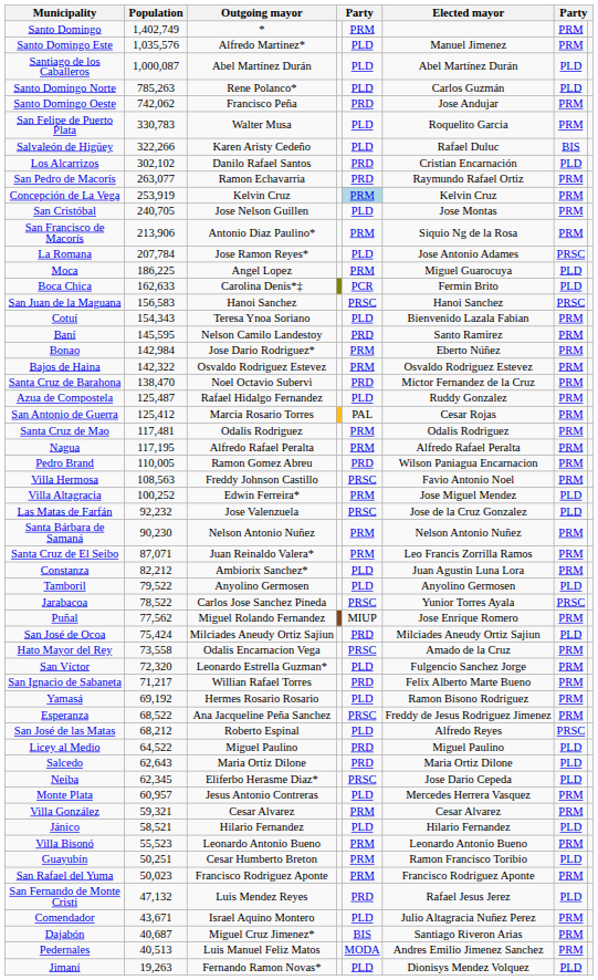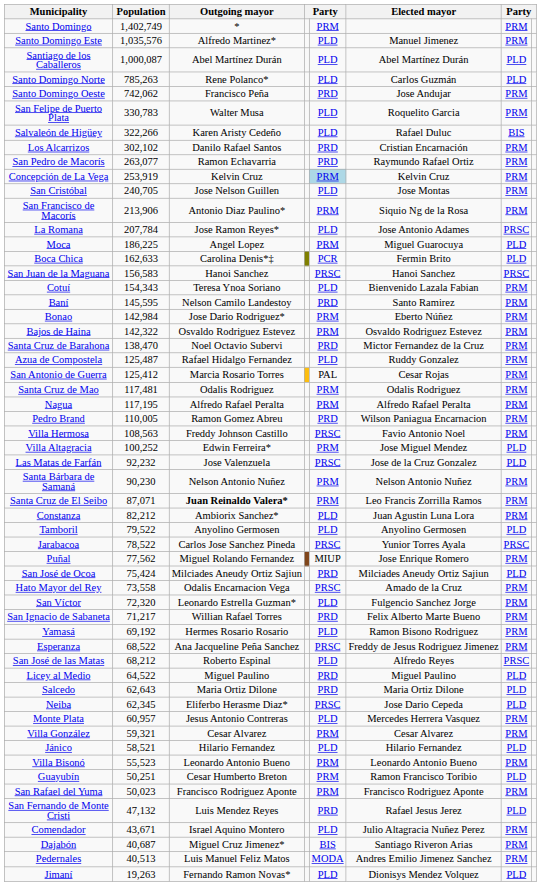 <table class="wikitable sortable" style="text-align:center;font-size:95%;line-height:14px;">
 <tr>
 <th style="width:150px;">Municipality</th>
 <th style="width:75px;">Population</th>
 <th>Outgoing mayor</th>
 <th colspan="2">Party</th>
 <th>Elected mayor</th>
 <th colspan="2">Party</th>
 </tr>
 <tr>
 <td><a href='#'>Santo Domingo</a></td>
 <td>1,402,749</td>
 <td>*</td>
 <td style="color:inherit;background:"></td>
 <td><a href='#'>PRM</a></td>
 <td></td>
 <td><a href='#'>PRM</a></td>
 <td style="color:inherit;background:"></td>
 </tr>
 <tr>
 <td><a href='#'>Santo Domingo Este</a></td>
 <td>1,035,576</td>
 <td>Alfredo Martinez*</td>
 <td style="color:inherit;background:"></td>
 <td><a href='#'>PLD</a></td>
 <td>Manuel Jimenez</td>
 <td><a href='#'>PRM</a></td>
 <td style="color:inherit;background:"></td>
 </tr>
 <tr>
 <td><a href='#'>Santiago de los Caballeros</a></td>
 <td>1,000,087</td>
 <td>Abel Martínez Durán</td>
 <td style="color:inherit;background:"></td>
 <td><a href='#'>PLD</a></td>
 <td>Abel Martínez Durán</td>
 <td><a href='#'>PLD</a></td>
 <td style="color:inherit;background:"></td>
 </tr>
 <tr>
 <td><a href='#'>Santo Domingo Norte</a></td>
 <td>785,263</td>
 <td>Rene Polanco*</td>
 <td style="color:inherit;background:"></td>
 <td><a href='#'>PLD</a></td>
 <td>Carlos Guzmán</td>
 <td><a href='#'>PLD</a></td>
 <td style="color:inherit;background:"></td>
 </tr>
 <tr>
 <td><a href='#'>Santo Domingo Oeste</a></td>
 <td>742,062</td>
 <td>Francisco Peña</td>
 <td style="color:inherit;background:"></td>
 <td><a href='#'>PRD</a></td>
 <td>Jose Andujar</td>
 <td><a href='#'>PRM</a></td>
 <td style="color:inherit;background:"></td>
 </tr>
 <tr>
 <td><a href='#'>San Felipe de Puerto Plata</a></td>
 <td>330,783</td>
 <td>Walter Musa</td>
 <td style="color:inherit;background:"></td>
 <td><a href='#'>PLD</a></td>
 <td>Roquelito Garcia</td>
 <td><a href='#'>PRM</a></td>
 <td style="color:inherit;background:"></td>
 </tr>
 <tr>
 <td><a href='#'>Salvaleón de Higüey</a></td>
 <td>322,266</td>
 <td>Karen Aristy Cedeño</td>
 <td style="color:inherit;background:"></td>
 <td><a href='#'>PLD</a></td>
 <td>Rafael Duluc</td>
 <td><a href='#'>BIS</a></td>
 <td style="color:inherit;background:"></td>
 </tr>
 <tr>
 <td><a href='#'>Los Alcarrizos</a></td>
 <td>302,102</td>
 <td>Danilo Rafael Santos</td>
 <td style="color:inherit;background:"></td>
 <td><a href='#'>PRD</a></td>
 <td>Cristian Encarnación</td>
-<td><a href='#'>PLD</a></td>
+<td><a href='#'>PRM</a></td>
 <td style="color:inherit;background:"></td>
 </tr>
 <tr>
 <td><a href='#'>San Pedro de Macorís</a></td>
 <td>263,077</td>
 <td>Ramon Echavarria</td>
 <td style="color:inherit;background:"></td>
 <td><a href='#'>PRD</a></td>
 <td>Raymundo Rafael Ortiz</td>
 <td><a href='#'>PRM</a></td>
 <td style="color:inherit;background:"></td>
 </tr>
 <tr>
 <td><a href='#'>Concepción de La Vega</a></td>
 <td>253,919</td>
 <td>Kelvin Cruz</td>
 <td style="color:inherit;background:"></td>
 <td style="background: lightblue;"><a href='#'>PRM</a></td>
 <td>Kelvin Cruz</td>
 <td><a href='#'>PRM</a></td>
 <td style="color:inherit;background:"></td>
 </tr>
 <tr>
 <td><a href='#'>San Cristóbal</a></td>
 <td>240,705</td>
 <td>Jose Nelson Guillen</td>
 <td style="color:inherit;background:"></td>
 <td><a href='#'>PLD</a></td>
 <td>Jose Montas</td>
 <td><a href='#'>PRM</a></td>
 <td style="color:inherit;background:"></td>
 </tr>
 <tr>
 <td><a href='#'>San Francisco de Macorís</a></td>
 <td>213,906</td>
 <td>Antonio Diaz Paulino*</td>
 <td style="color:inherit;background:"></td>
 <td><a href='#'>PRM</a></td>
 <td>Siquio Ng de la Rosa</td>
 <td><a href='#'>PRM</a></td>
 <td style="color:inherit;background:"></td>
 </tr>
 <tr>
 <td><a href='#'>La Romana</a></td>
 <td>207,784</td>
 <td>Jose Ramon Reyes*</td>
 <td style="color:inherit;background:"></td>
 <td><a href='#'>PLD</a></td>
 <td>Jose Antonio Adames</td>
 <td><a href='#'>PRSC</a></td>
 <td style="color:inherit;background:"></td>
 </tr>
 <tr>
 <td><a href='#'>Moca</a></td>
 <td>186,225</td>
 <td>Angel Lopez</td>
 <td style="color:inherit;background:"></td>
 <td><a href='#'>PRM</a></td>
 <td>Miguel Guarocuya</td>
 <td><a href='#'>PLD</a></td>
 <td style="color:inherit;background:"></td>
 </tr>
 <tr>
 <td><a href='#'>Boca Chica</a></td>
 <td>162,633</td>
 <td>Carolina Denis*‡</td>
 <td style="background:#808000;"></td>
 <td><a href='#'>PCR</a></td>
 <td>Fermin Brito</td>
 <td><a href='#'>PLD</a></td>
 <td style="color:inherit;background:"></td>
 </tr>
 <tr>
 <td><a href='#'>San Juan de la Maguana</a></td>
 <td>156,583</td>
 <td>Hanoi Sanchez</td>
 <td style="color:inherit;background:"></td>
 <td><a href='#'>PRSC</a></td>
 <td>Hanoi Sanchez</td>
 <td><a href='#'>PRSC</a></td>
 <td style="color:inherit;background:"></td>
 </tr>
 <tr>
 <td><a href='#'>Cotuí</a></td>
 <td>154,343</td>
 <td>Teresa Ynoa Soriano</td>
 <td style="color:inherit;background:"></td>
 <td><a href='#'>PLD</a></td>
 <td>Bienvenido Lazala Fabian</td>
 <td><a href='#'>PRM</a></td>
 <td style="color:inherit;background:"></td>
 </tr>
 <tr>
 <td><a href='#'>Baní</a></td>
 <td>145,595</td>
 <td>Nelson Camilo Landestoy</td>
 <td style="color:inherit;background:"></td>
 <td><a href='#'>PRD</a></td>
 <td>Santo Ramirez</td>
 <td><a href='#'>PRM</a></td>
 <td style="color:inherit;background:"></td>
 </tr>
 <tr>
 <td><a href='#'>Bonao</a></td>
 <td>142,984</td>
 <td>Jose Dario Rodriguez*</td>
 <td style="color:inherit;background:"></td>
 <td><a href='#'>PRM</a></td>
 <td>Eberto Núñez</td>
 <td><a href='#'>PRM</a></td>
 <td style="color:inherit;background:"></td>
 </tr>
 <tr>
 <td><a href='#'>Bajos de Haina</a></td>
 <td>142,322</td>
 <td>Osvaldo Rodriguez Estevez</td>
 <td style="color:inherit;background:"></td>
 <td><a href='#'>PRM</a></td>
 <td>Osvaldo Rodriguez Estevez</td>
 <td><a href='#'>PRM</a></td>
 <td style="color:inherit;background:"></td>
 </tr>
 <tr>
 <td><a href='#'>Santa Cruz de Barahona</a></td>
 <td>138,470</td>
 <td>Noel Octavio Subervi</td>
 <td style="color:inherit;background:"></td>
 <td><a href='#'>PRD</a></td>
 <td>Mictor Fernandez de la Cruz</td>
 <td><a href='#'>PRM</a></td>
 <td style="color:inherit;background:"></td>
 </tr>
 <tr>
 <td><a href='#'>Azua de Compostela</a></td>
 <td>125,487</td>
 <td>Rafael Hidalgo Fernandez</td>
 <td style="color:inherit;background:"></td>
 <td><a href='#'>PLD</a></td>
 <td>Ruddy Gonzalez</td>
 <td><a href='#'>PRM</a></td>
 <td style="color:inherit;background:"></td>
 </tr>
 <tr>
 <td><a href='#'>San Antonio de Guerra</a></td>
 <td>125,412</td>
 <td>Marcia Rosario Torres</td>
 <td style="background:#fdbe0f;"></td>
 <td Liberal Action Party>PAL</td>
 <td>Cesar Rojas</td>
 <td><a href='#'>PRM</a></td>
 <td style="color:inherit;background:"></td>
 </tr>
 <tr>
 <td><a href='#'>Santa Cruz de Mao</a></td>
 <td>117,481</td>
 <td>Odalis Rodriguez</td>
 <td style="color:inherit;background:"></td>
 <td><a href='#'>PRM</a></td>
 <td>Odalis Rodriguez</td>
 <td><a href='#'>PRM</a></td>
 <td style="color:inherit;background:"></td>
 </tr>
 <tr>
 <td><a href='#'>Nagua</a></td>
 <td>117,195</td>
 <td>Alfredo Rafael Peralta</td>
 <td style="color:inherit;background:"></td>
 <td><a href='#'>PRM</a></td>
 <td>Alfredo Rafael Peralta</td>
 <td><a href='#'>PRM</a></td>
 <td style="color:inherit;background:"></td>
 </tr>
 <tr>
 <td><a href='#'>Pedro Brand</a></td>
 <td>110,005</td>
 <td>Ramon Gomez Abreu</td>
 <td style="color:inherit;background:"></td>
 <td><a href='#'>PRD</a></td>
 <td>Wilson Paniagua Encarnacion</td>
 <td><a href='#'>PRM</a></td>
 <td style="color:inherit;background:"></td>
 </tr>
 <tr>
 <td><a href='#'>Villa Hermosa</a></td>
 <td>108,563</td>
 <td>Freddy Johnson Castillo</td>
 <td style="color:inherit;background:"></td>
 <td><a href='#'>PRSC</a></td>
 <td>Favio Antonio Noel</td>
 <td><a href='#'>PRM</a></td>
 <td style="color:inherit;background:"></td>
 </tr>
 <tr>
 <td><a href='#'>Villa Altagracia</a></td>
 <td>100,252</td>
 <td>Edwin Ferreira*</td>
 <td style="color:inherit;background:"></td>
 <td><a href='#'>PRM</a></td>
 <td>Jose Miguel Mendez</td>
 <td><a href='#'>PLD</a></td>
 <td style="color:inherit;background:"></td>
 </tr>
 <tr>
 <td><a href='#'>Las Matas de Farfán</a></td>
 <td>92,232</td>
 <td>Jose Valenzuela</td>
 <td style="color:inherit;background:"></td>
 <td><a href='#'>PRSC</a></td>
 <td>Jose de la Cruz Gonzalez</td>
 <td><a href='#'>PLD</a></td>
 <td style="color:inherit;background:"></td>
 </tr>
 <tr>
 <td><a href='#'>Santa Bárbara de Samaná</a></td>
 <td>90,230</td>
 <td>Nelson Antonio Nuñez</td>
 <td style="color:inherit;background:"></td>
 <td><a href='#'>PRM</a></td>
 <td>Nelson Antonio Nuñez</td>
 <td><a href='#'>PRM</a></td>
 <td style="color:inherit;background:"></td>
 </tr>
 <tr>
 <td><a href='#'>Santa Cruz de El Seibo</a></td>
 <td>87,071</td>
-<td>Juan Reinaldo Valera*</td>
+<td><strong>Juan Reinaldo Valera*</strong></td>
 <td style="color:inherit;background:"></td>
 <td><a href='#'>PRM</a></td>
 <td>Leo Francis Zorrilla Ramos</td>
 <td><a href='#'>PRM</a></td>
 <td style="color:inherit;background:"></td>
 </tr>
 <tr>
 <td><a href='#'>Constanza</a></td>
 <td>82,212</td>
 <td>Ambiorix Sanchez*</td>
 <td style="color:inherit;background:"></td>
 <td><a href='#'>PLD</a></td>
 <td>Juan Agustin Luna Lora</td>
 <td><a href='#'>PRM</a></td>
 <td style="color:inherit;background:"></td>
 </tr>
 <tr>
 <td><a href='#'>Tamboril</a></td>
 <td>79,522</td>
 <td>Anyolino Germosen</td>
 <td style="color:inherit;background:"></td>
 <td><a href='#'>PLD</a></td>
 <td>Anyolino Germosen</td>
 <td><a href='#'>PLD</a></td>
 <td style="color:inherit;background:"></td>
 </tr>
 <tr>
 <td><a href='#'>Jarabacoa</a></td>
 <td>78,522</td>
 <td>Carlos Jose Sanchez Pineda</td>
 <td style="color:inherit;background:"></td>
 <td><a href='#'>PRSC</a></td>
 <td>Yunior Torres Ayala</td>
 <td><a href='#'>PRSC</a></td>
 <td style="color:inherit;background:"></td>
 </tr>
 <tr>
 <td><a href='#'>Puñal</a></td>
 <td>77,562</td>
 <td>Miguel Rolando Fernandez</td>
 <td style="background:#80461b;"></td>
 <td>MIUP</td>
 <td>Jose Enrique Romero</td>
 <td><a href='#'>PRM</a></td>
 <td style="color:inherit;background:"></td>
 </tr>
 <tr>
 <td><a href='#'>San José de Ocoa</a></td>
 <td>75,424</td>
 <td>Milciades Aneudy Ortiz Sajiun</td>
 <td style="color:inherit;background:"></td>
 <td><a href='#'>PRD</a></td>
 <td>Milciades Aneudy Ortiz Sajiun</td>
 <td><a href='#'>PLD</a></td>
 <td style="color:inherit;background:"></td>
 </tr>
 <tr>
 <td><a href='#'>Hato Mayor del Rey</a></td>
 <td>73,558</td>
 <td>Odalis Encarnacion Vega</td>
 <td style="color:inherit;background:"></td>
 <td><a href='#'>PRSC</a></td>
 <td>Amado de la Cruz</td>
 <td><a href='#'>PRM</a></td>
 <td style="color:inherit;background:"></td>
 </tr>
 <tr>
 <td><a href='#'>San Víctor</a></td>
 <td>72,320</td>
 <td>Leonardo Estrella Guzman*</td>
 <td style="color:inherit;background:"></td>
 <td><a href='#'>PLD</a></td>
 <td>Fulgencio Sanchez Jorge</td>
 <td><a href='#'>PRM</a></td>
 <td style="color:inherit;background:"></td>
 </tr>
 <tr>
 <td><a href='#'>San Ignacio de Sabaneta</a></td>
 <td>71,217</td>
 <td>Willian Rafael Torres</td>
 <td style="color:inherit;background:"></td>
 <td><a href='#'>PRD</a></td>
 <td>Felix Alberto Marte Bueno</td>
 <td><a href='#'>PRM</a></td>
 <td style="color:inherit;background:"></td>
 </tr>
 <tr>
 <td><a href='#'>Yamasá</a></td>
 <td>69,192</td>
 <td>Hermes Rosario Rosario</td>
 <td style="color:inherit;background:"></td>
 <td><a href='#'>PLD</a></td>
 <td>Ramon Bisono Rodriguez</td>
 <td><a href='#'>PRM</a></td>
 <td style="color:inherit;background:"></td>
 </tr>
 <tr>
 <td><a href='#'>Esperanza</a></td>
 <td>68,522</td>
 <td>Ana Jacqueline Peña Sanchez</td>
 <td style="color:inherit;background:"></td>
 <td><a href='#'>PRSC</a></td>
 <td>Freddy de Jesus Rodriguez Jimenez</td>
 <td><a href='#'>PRM</a></td>
 <td style="color:inherit;background:"></td>
 </tr>
 <tr>
 <td><a href='#'>San José de las Matas</a></td>
 <td>68,212</td>
 <td>Roberto Espinal</td>
 <td style="color:inherit;background:"></td>
 <td><a href='#'>PLD</a></td>
 <td>Alfredo Reyes</td>
 <td><a href='#'>PRSC</a></td>
 <td style="color:inherit;background:"></td>
 </tr>
 <tr>
 <td><a href='#'>Licey al Medio</a></td>
 <td>64,522</td>
 <td>Miguel Paulino</td>
 <td style="color:inherit;background:"></td>
 <td><a href='#'>PRD</a></td>
 <td>Miguel Paulino</td>
 <td><a href='#'>PLD</a></td>
 <td style="color:inherit;background:"></td>
 </tr>
 <tr>
 <td><a href='#'>Salcedo</a></td>
 <td>62,643</td>
 <td>Maria Ortiz Dilone</td>
 <td style="color:inherit;background:"></td>
 <td><a href='#'>PRD</a></td>
 <td>Maria Ortiz Dilone</td>
 <td><a href='#'>PLD</a></td>
 <td style="color:inherit;background:"></td>
 </tr>
 <tr>
 <td><a href='#'>Neiba</a></td>
 <td>62,345</td>
 <td>Eliferbo Herasme Diaz*</td>
 <td style="color:inherit;background:"></td>
 <td><a href='#'>PRSC</a></td>
 <td>Jose Dario Cepeda</td>
 <td><a href='#'>PLD</a></td>
 <td style="color:inherit;background:"></td>
 </tr>
 <tr>
 <td><a href='#'>Monte Plata</a></td>
 <td>60,957</td>
 <td>Jesus Antonio Contreras</td>
 <td style="color:inherit;background:"></td>
 <td><a href='#'>PLD</a></td>
 <td>Mercedes Herrera Vasquez</td>
 <td><a href='#'>PRM</a></td>
 <td style="color:inherit;background:"></td>
 </tr>
 <tr>
 <td><a href='#'>Villa González</a></td>
 <td>59,321</td>
 <td>Cesar Alvarez</td>
 <td style="color:inherit;background:"></td>
 <td><a href='#'>PRM</a></td>
 <td>Cesar Alvarez</td>
 <td><a href='#'>PRM</a></td>
 <td style="color:inherit;background:"></td>
 </tr>
 <tr>
 <td><a href='#'>Jánico</a></td>
 <td>58,521</td>
 <td>Hilario Fernandez</td>
 <td style="color:inherit;background:"></td>
 <td><a href='#'>PLD</a></td>
 <td>Hilario Fernandez</td>
 <td><a href='#'>PLD</a></td>
 <td style="color:inherit;background:"></td>
 </tr>
 <tr>
 <td><a href='#'>Villa Bisonó</a></td>
 <td>55,523</td>
 <td>Leonardo Antonio Bueno</td>
 <td style="color:inherit;background:"></td>
 <td><a href='#'>PRM</a></td>
 <td>Leonardo Antonio Bueno</td>
 <td><a href='#'>PRM</a></td>
 <td style="color:inherit;background:"></td>
 </tr>
 <tr>
 <td><a href='#'>Guayubín</a></td>
 <td>50,251</td>
 <td>Cesar Humberto Breton</td>
 <td style="color:inherit;background:"></td>
 <td><a href='#'>PRM</a></td>
 <td>Ramon Francisco Toribio</td>
 <td><a href='#'>PLD</a></td>
 <td style="color:inherit;background:"></td>
 </tr>
 <tr>
 <td><a href='#'>San Rafael del Yuma</a></td>
 <td>50,023</td>
 <td>Francisco Rodriguez Aponte</td>
 <td style="color:inherit;background:"></td>
 <td><a href='#'>PRM</a></td>
 <td>Francisco Rodriguez Aponte</td>
 <td><a href='#'>PRM</a></td>
 <td style="color:inherit;background:"></td>
 </tr>
 <tr>
 <td><a href='#'>San Fernando de Monte Cristi</a></td>
 <td>47,132</td>
 <td>Luis Mendez Reyes</td>
 <td style="color:inherit;background:"></td>
 <td><a href='#'>PRD</a></td>
 <td>Rafael Jesus Jerez</td>
 <td><a href='#'>PLD</a></td>
 <td style="color:inherit;background:"></td>
 </tr>
 <tr>
 <td><a href='#'>Comendador</a></td>
 <td>43,671</td>
 <td>Israel Aquino Montero</td>
 <td style="color:inherit;background:"></td>
 <td><a href='#'>PLD</a></td>
 <td>Julio Altagracia Nuñez Perez</td>
 <td><a href='#'>PRM</a></td>
 <td style="color:inherit;background:"></td>
 </tr>
 <tr>
 <td><a href='#'>Dajabón</a></td>
 <td>40,687</td>
 <td>Miguel Cruz Jimenez*</td>
 <td style="color:inherit;background:"></td>
 <td><a href='#'>BIS</a></td>
 <td>Santiago Riveron Arias</td>
 <td><a href='#'>PRM</a></td>
 <td style="color:inherit;background:"></td>
 </tr>
 <tr>
 <td><a href='#'>Pedernales</a></td>
 <td>40,513</td>
 <td>Luis Manuel Feliz Matos</td>
 <td style="color:inherit;background:"></td>
 <td><a href='#'>MODA</a></td>
 <td>Andres Emilio Jimenez Sanchez</td>
 <td><a href='#'>PRM</a></td>
 <td style="color:inherit;background:"></td>
 </tr>
 <tr>
 <td><a href='#'>Jimaní</a></td>
 <td>19,263</td>
 <td>Fernando Ramon Novas*</td>
 <td style="color:inherit;background:"></td>
 <td><a href='#'>PLD</a></td>
 <td>Dionisys Mendez Volquez</td>
 <td><a href='#'>PLD</a></td>
 <td style="color:inherit;background:"></td>
 </tr>
 </table>
